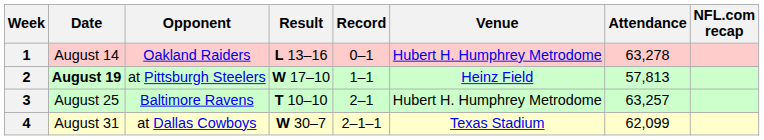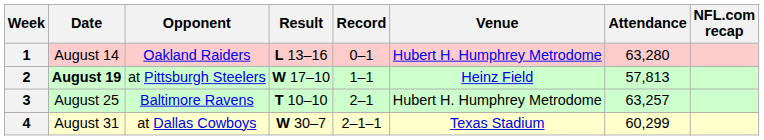 <table class="wikitable" style="text-align:center">
 <tr>
 <th>Week</th>
 <th>Date</th>
 <th>Opponent</th>
 <th>Result</th>
 <th>Record</th>
 <th>Venue</th>
 <th>Attendance</th>
 <th>NFL.com<br>recap</th>
 </tr>
 <tr style="background:#fcc">
 <th>1</th>
 <td>August 14</td>
 <td><a href='#'>Oakland Raiders</a></td>
 <td><strong>L</strong> 13–16</td>
 <td>0–1</td>
 <td><a href='#'>Hubert H. Humphrey Metrodome</a></td>
-<td>63,278</td>
+<td>63,280</td>
 <td></td>
 </tr>
 <tr style="background:#cfc">
 <th>2</th>
 <td><strong>August 19</strong></td>
 <td>at <a href='#'>Pittsburgh Steelers</a></td>
 <td><strong>W</strong> 17–10</td>
 <td>1–1</td>
 <td><a href='#'>Heinz Field</a></td>
 <td>57,813</td>
 <td></td>
 </tr>
 <tr style="background:#cfc">
 <th>3</th>
 <td>August 25</td>
 <td><a href='#'>Baltimore Ravens</a></td>
 <td><strong>T</strong> 10–10 </td>
 <td>2–1</td>
 <td>Hubert H. Humphrey Metrodome</td>
 <td>63,257</td>
 <td></td>
 </tr>
 <tr style="background:#ffc">
 <th>4</th>
 <td>August 31</td>
 <td>at <a href='#'>Dallas Cowboys</a></td>
 <td><strong>W</strong> 30–7</td>
 <td>2–1–1</td>
 <td><a href='#'>Texas Stadium</a></td>
-<td>62,099</td>
+<td>60,299</td>
 <td></td>
 </tr>
 </table>
